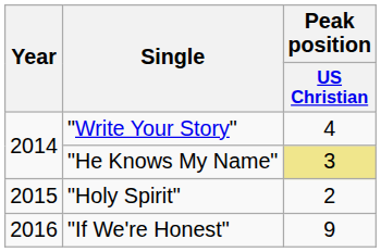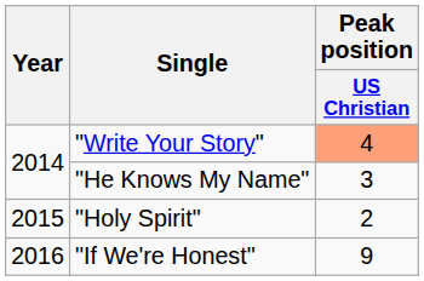 <table class="wikitable" style="text-align:center;">
 <tr>
 <th rowspan="2">Year</th>
 <th rowspan="2">Single</th>
 <th>Peak position</th>
 </tr>
 <tr style="font-size:smaller;">
 <th style="width:45px;"><a href='#'>US Christian</a><br></th>
 </tr>
 <tr>
 <td rowspan="2">2014</td>
 <td style="text-align:left;">"<a href='#'>Write Your Story</a>"</td>
-<td>4</td>
+<td style="background: lightsalmon;">4</td>
 </tr>
 <tr>
 <td style="text-align:left;">"He Knows My Name"</td>
-<td style="background: khaki;">3</td>
+<td>3</td>
 </tr>
 <tr>
 <td>2015</td>
 <td style="text-align:left;">"Holy Spirit"</td>
 <td>2</td>
 </tr>
 <tr>
 <td>2016</td>
 <td style="text-align:left;">"If We're Honest"</td>
 <td>9</td>
 </tr>
 </table>
